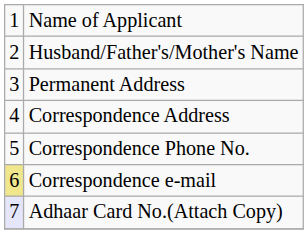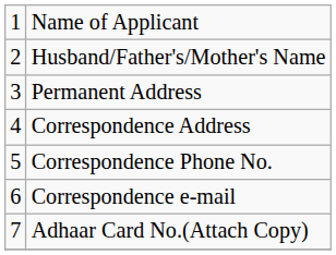 <table class="wikitable">
 <tr>
 <td>1</td>
 <td>Name of Applicant</td>
 </tr>
 <tr>
 <td>2</td>
 <td>Husband/Father's/Mother's Name</td>
 </tr>
 <tr>
 <td>3</td>
 <td>Permanent Address</td>
 </tr>
 <tr>
 <td>4</td>
 <td>Correspondence Address</td>
 </tr>
 <tr>
 <td>5</td>
 <td>Correspondence Phone No.</td>
 </tr>
 <tr>
-<td style="background: khaki;">6</td>
+<td>6</td>
 <td>Correspondence e-mail</td>
 </tr>
 <tr>
-<td style="background: lavender;">7</td>
+<td>7</td>
 <td>Adhaar Card No.(Attach Copy)</td>
 </tr>
 <tr>
 </tr>
 </table>
